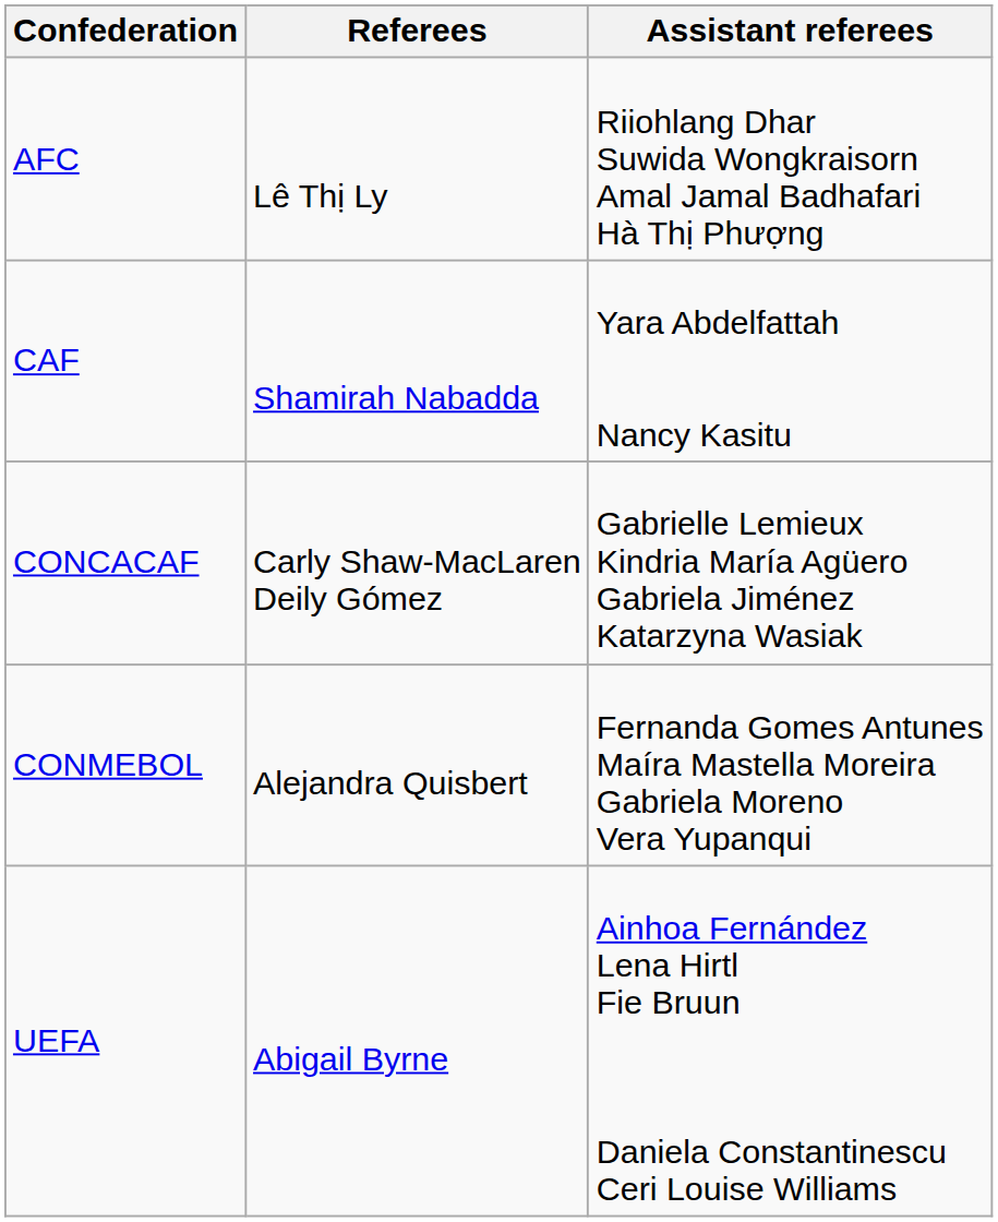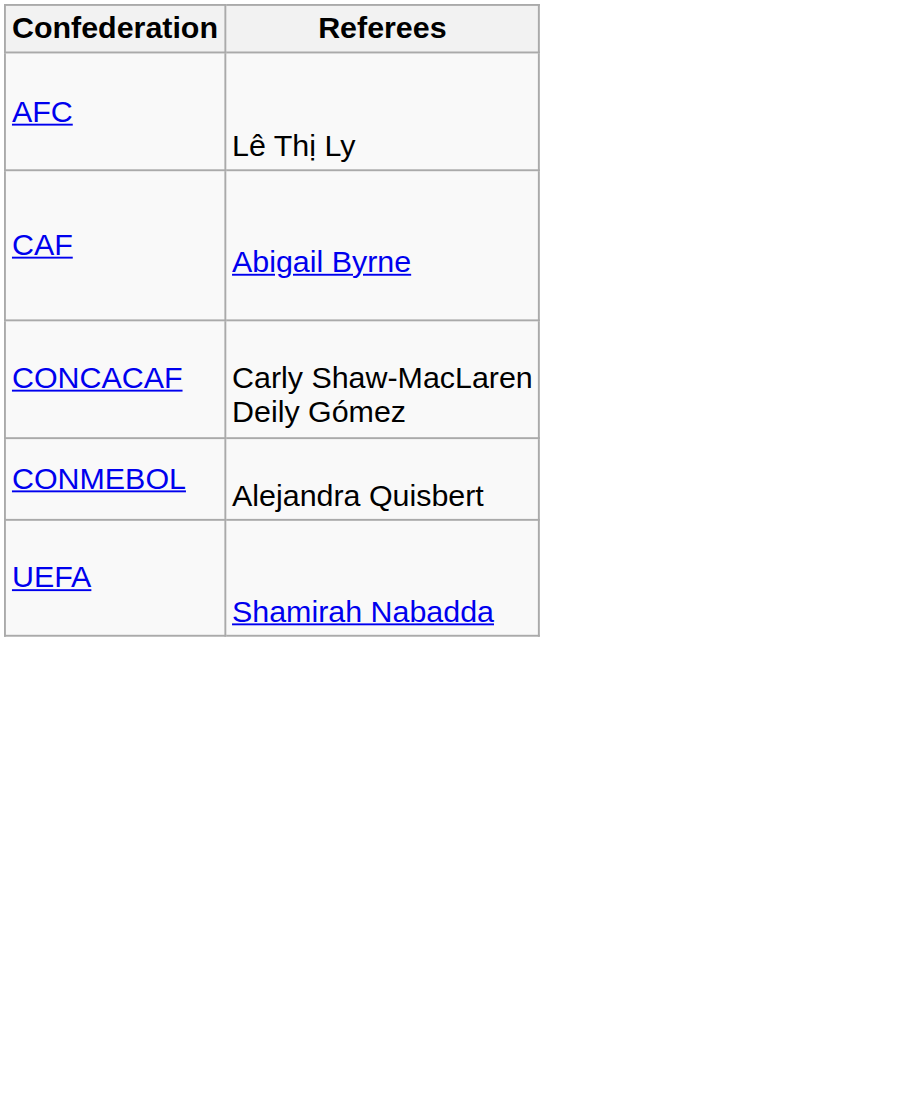 <table class="wikitable">
 <tr>
 <th>Confederation</th>
 <th>Referees</th>
-<th>Assistant referees</th>
 </tr>
 <tr>
 <td><a href='#'>AFC</a></td>
 <td><br> <br>  Lê Thị Ly</td>
-<td><br> Riiohlang Dhar<br>  Suwida Wongkraisorn<br>  Amal Jamal Badhafari<br>  Hà Thị Phượng</td>
 </tr>
 <tr>
 <td><a href='#'>CAF</a></td>
-<td><br> <br>  <a href='#'>Shamirah Nabadda</a></td>
-<td><br> Yara Abdelfattah<br>  <br>  <br>  Nancy Kasitu</td>
+<td><br> <br>  <a href='#'>Abigail Byrne</a><br>  <br>  </td>
 </tr>
 <tr>
 <td><a href='#'>CONCACAF</a></td>
 <td><br> Carly Shaw-MacLaren<br>  Deily Gómez</td>
-<td><br> Gabrielle Lemieux<br>  Kindria María Agüero<br>  Gabriela Jiménez<br>  Katarzyna Wasiak</td>
 </tr>
 <tr>
 <td><a href='#'>CONMEBOL</a></td>
 <td><br> Alejandra Quisbert<br>  </td>
-<td><br> Fernanda Gomes Antunes<br>  Maíra Mastella Moreira<br>  Gabriela Moreno<br>  Vera Yupanqui</td>
 </tr>
 <tr>
 <td><a href='#'>UEFA</a></td>
-<td><br> <br>  <a href='#'>Abigail Byrne</a><br>  <br>  </td>
-<td><br> <a href='#'>Ainhoa Fernández</a><br>  Lena Hirtl<br>  Fie Bruun<br>  <br>  <br>  <br>  Daniela Constantinescu<br>  Ceri Louise Williams</td>
+<td><br> <br>  <a href='#'>Shamirah Nabadda</a></td>
 </tr>
 </table>
